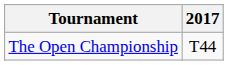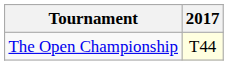 <table class="wikitable" style="font-size:95%;text-align:center;">
 <tr>
 <th>Tournament</th>
 <th>2017</th>
 </tr>
 <tr>
 <td align=left><a href='#'>The Open Championship</a></td>
-<td>T44</td>
+<td style="background: lightyellow;">T44</td>
 </tr>
 </table>
